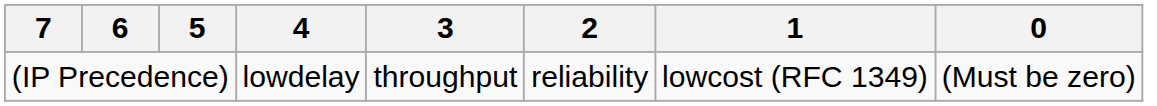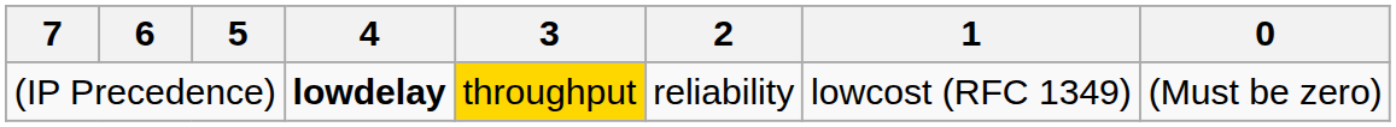 <table class="wikitable">
 <tr>
 <th>7</th>
 <th>6</th>
 <th>5</th>
 <th>4</th>
 <th>3</th>
 <th>2</th>
 <th>1</th>
 <th>0</th>
 </tr>
 <tr>
 <td colspan="3">(IP Precedence)</td>
-<td>lowdelay</td>
-<td>throughput</td>
+<td><strong>lowdelay</strong></td>
+<td style="background: gold;">throughput</td>
 <td>reliability</td>
 <td>lowcost (RFC 1349)</td>
 <td>(Must be zero)</td>
 </tr>
 </table>
